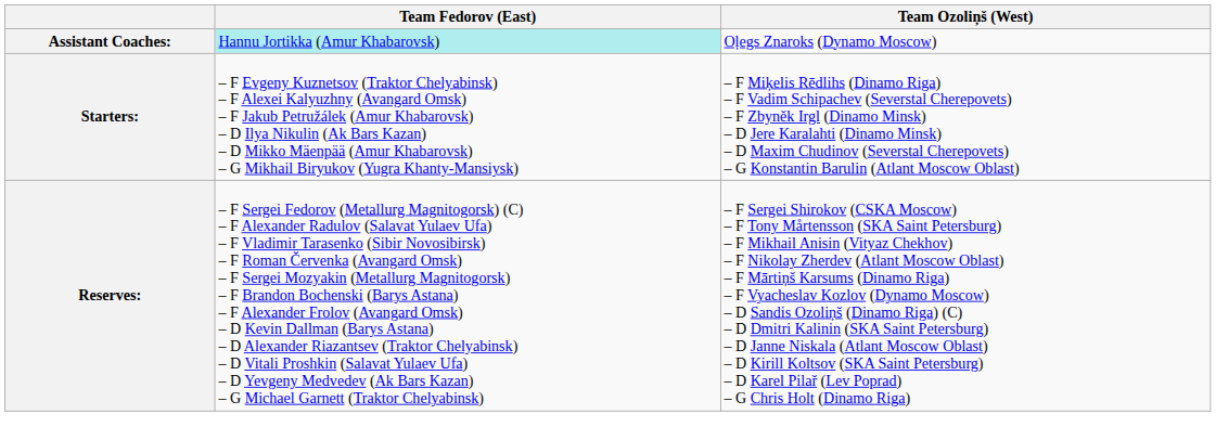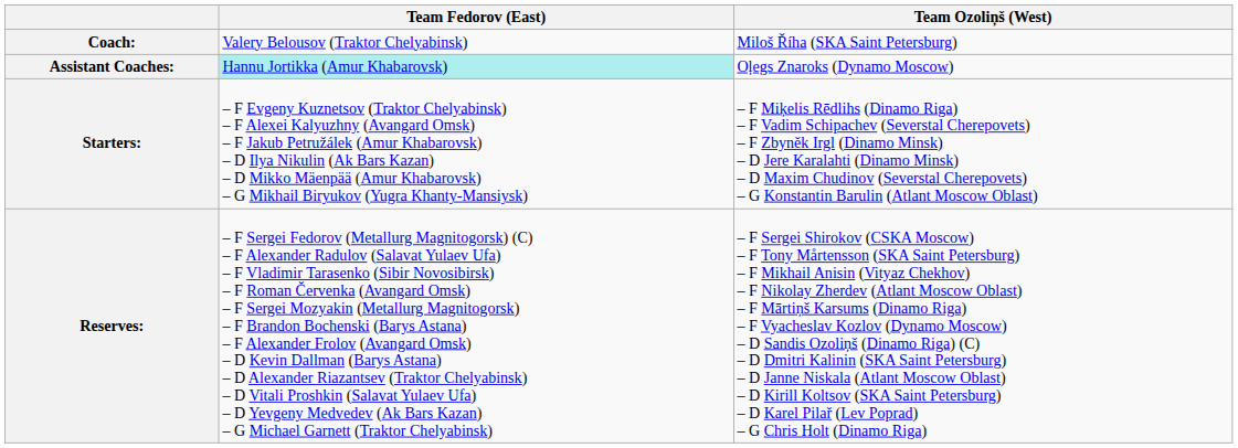 <table class="wikitable" style="width:100%">
 <tr>
 <th></th>
 <th>Team Fedorov (East)</th>
 <th>Team Ozoliņš (West)</th>
+</tr>
+<tr>
+<th>Coach:</th>
+<td> <a href='#'>Valery Belousov</a> (<a href='#'>Traktor Chelyabinsk</a>)</td>
+<td> <a href='#'>Miloš Říha</a> (<a href='#'>SKA Saint Petersburg</a>)</td>
 </tr>
 <tr>
 <th>Assistant Coaches:</th>
 <td style="background: paleturquoise;"> <a href='#'>Hannu Jortikka</a> (<a href='#'>Amur Khabarovsk</a>)</td>
 <td> <a href='#'>Oļegs Znaroks</a> (<a href='#'>Dynamo Moscow</a>)</td>
 </tr>
 <tr>
 <th>Starters:</th>
 <td><br> – F <a href='#'>Evgeny Kuznetsov</a> (<a href='#'>Traktor Chelyabinsk</a>)<br>  – F <a href='#'>Alexei Kalyuzhny</a> (<a href='#'>Avangard Omsk</a>)<br>  – F <a href='#'>Jakub Petružálek</a> (<a href='#'>Amur Khabarovsk</a>)<br>  – D <a href='#'>Ilya Nikulin</a> (<a href='#'>Ak Bars Kazan</a>)<br>  – D <a href='#'>Mikko Mäenpää</a> (<a href='#'>Amur Khabarovsk</a>)<br>  – G <a href='#'>Mikhail Biryukov</a> (<a href='#'>Yugra Khanty-Mansiysk</a>)</td>
 <td><br> – F <a href='#'>Miķelis Rēdlihs</a> (<a href='#'>Dinamo Riga</a>)<br>  – F <a href='#'>Vadim Schipachev</a> (<a href='#'>Severstal Cherepovets</a>)<br>  – F <a href='#'>Zbyněk Irgl</a> (<a href='#'>Dinamo Minsk</a>)<br>  – D <a href='#'>Jere Karalahti</a> (<a href='#'>Dinamo Minsk</a>)<br>  – D <a href='#'>Maxim Chudinov</a> (<a href='#'>Severstal Cherepovets</a>)<br>  – G <a href='#'>Konstantin Barulin</a> (<a href='#'>Atlant Moscow Oblast</a>)</td>
 </tr>
 <tr>
 <th>Reserves:</th>
 <td><br> – F <a href='#'>Sergei Fedorov</a> (<a href='#'>Metallurg Magnitogorsk</a>) (C)<br>  – F <a href='#'>Alexander Radulov</a> (<a href='#'>Salavat Yulaev Ufa</a>)<br>  – F <a href='#'>Vladimir Tarasenko</a> (<a href='#'>Sibir Novosibirsk</a>)<br>  – F <a href='#'>Roman Červenka</a> (<a href='#'>Avangard Omsk</a>)<br>  – F <a href='#'>Sergei Mozyakin</a> (<a href='#'>Metallurg Magnitogorsk</a>)<br>  – F <a href='#'>Brandon Bochenski</a> (<a href='#'>Barys Astana</a>)<br>  – F <a href='#'>Alexander Frolov</a> (<a href='#'>Avangard Omsk</a>)<br>  – D <a href='#'>Kevin Dallman</a> (<a href='#'>Barys Astana</a>)<br>  – D <a href='#'>Alexander Riazantsev</a> (<a href='#'>Traktor Chelyabinsk</a>)<br>  – D <a href='#'>Vitali Proshkin</a> (<a href='#'>Salavat Yulaev Ufa</a>)<br>  – D <a href='#'>Yevgeny Medvedev</a> (<a href='#'>Ak Bars Kazan</a>)<br>  – G <a href='#'>Michael Garnett</a> (<a href='#'>Traktor Chelyabinsk</a>)<br></td>
 <td><br> – F <a href='#'>Sergei Shirokov</a> (<a href='#'>CSKA Moscow</a>)<br>  – F <a href='#'>Tony Mårtensson</a> (<a href='#'>SKA Saint Petersburg</a>)<br>  – F <a href='#'>Mikhail Anisin</a> (<a href='#'>Vityaz Chekhov</a>)<br>  – F <a href='#'>Nikolay Zherdev</a> (<a href='#'>Atlant Moscow Oblast</a>)<br>  – F <a href='#'>Mārtiņš Karsums</a> (<a href='#'>Dinamo Riga</a>)<br>  – F <a href='#'>Vyacheslav Kozlov</a> (<a href='#'>Dynamo Moscow</a>)<br>  – D <a href='#'>Sandis Ozoliņš</a> (<a href='#'>Dinamo Riga</a>) (C) <br>  – D <a href='#'>Dmitri Kalinin</a> (<a href='#'>SKA Saint Petersburg</a>)<br>  – D <a href='#'>Janne Niskala</a> (<a href='#'>Atlant Moscow Oblast</a>)<br>  – D <a href='#'>Kirill Koltsov</a> (<a href='#'>SKA Saint Petersburg</a>)<br>  – D <a href='#'>Karel Pilař</a> (<a href='#'>Lev Poprad</a>)<br>  – G <a href='#'>Chris Holt</a> (<a href='#'>Dinamo Riga</a>)<br></td>
 </tr>
 </table>
